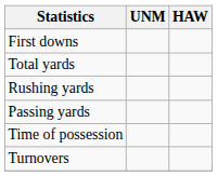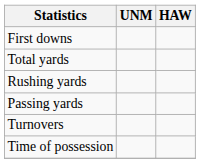 <table class="wikitable" style="float: left;">
 <tr>
 <th>Statistics</th>
 <th>UNM</th>
 <th>HAW</th>
 </tr>
 <tr>
 <td>First downs</td>
 <td></td>
 <td></td>
 </tr>
 <tr>
 <td>Total yards</td>
 <td></td>
 <td></td>
 </tr>
 <tr>
 <td>Rushing yards</td>
 <td></td>
 <td></td>
 </tr>
 <tr>
 <td>Passing yards</td>
 <td></td>
 <td></td>
 </tr>
 <tr>
-<td>Time of possession</td>
+<td>Turnovers</td>
 <td></td>
 <td></td>
 </tr>
 <tr>
-<td>Turnovers</td>
+<td>Time of possession</td>
 <td></td>
 <td></td>
 </tr>
 <tr>
 </tr>
 </table>
